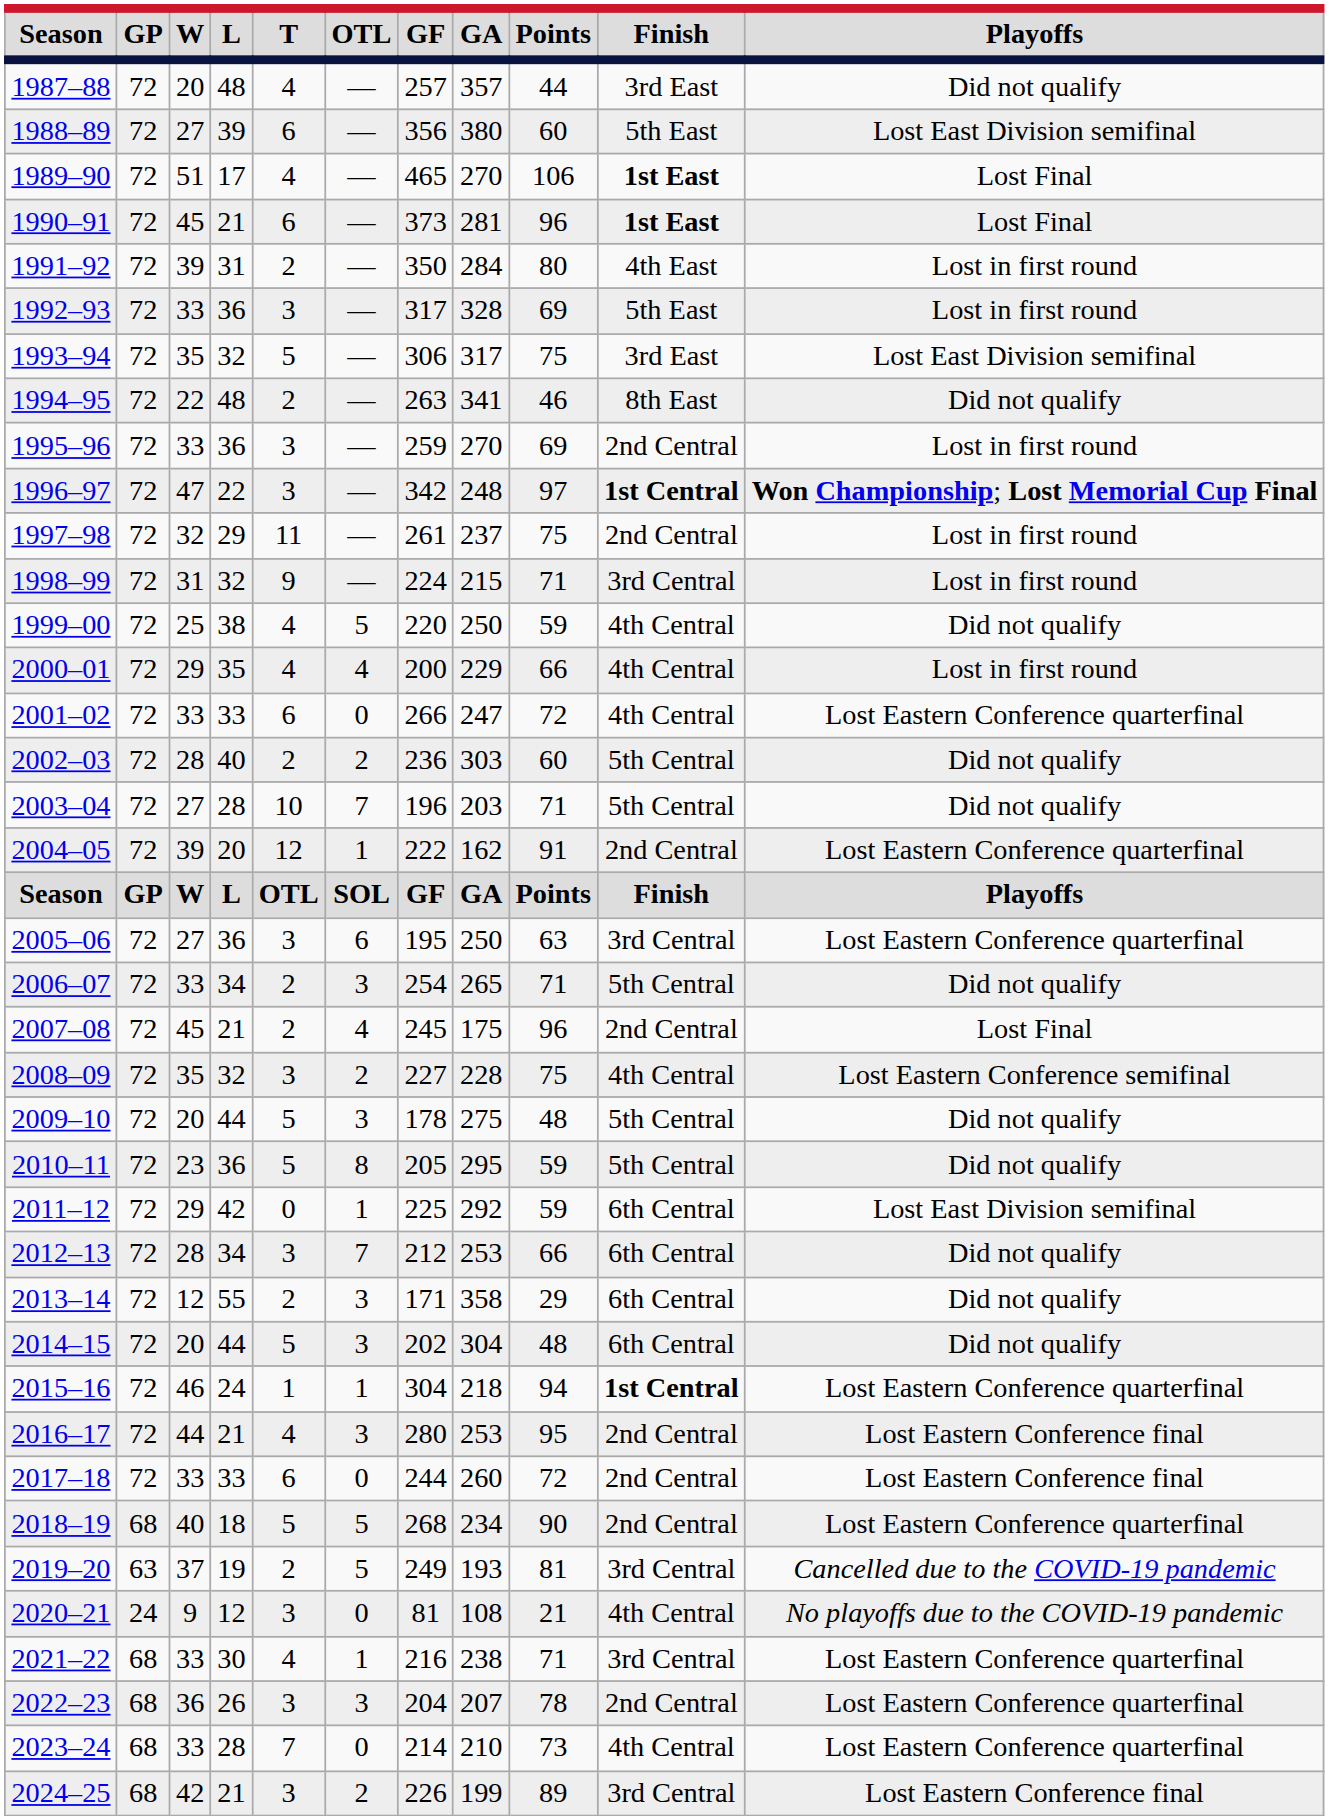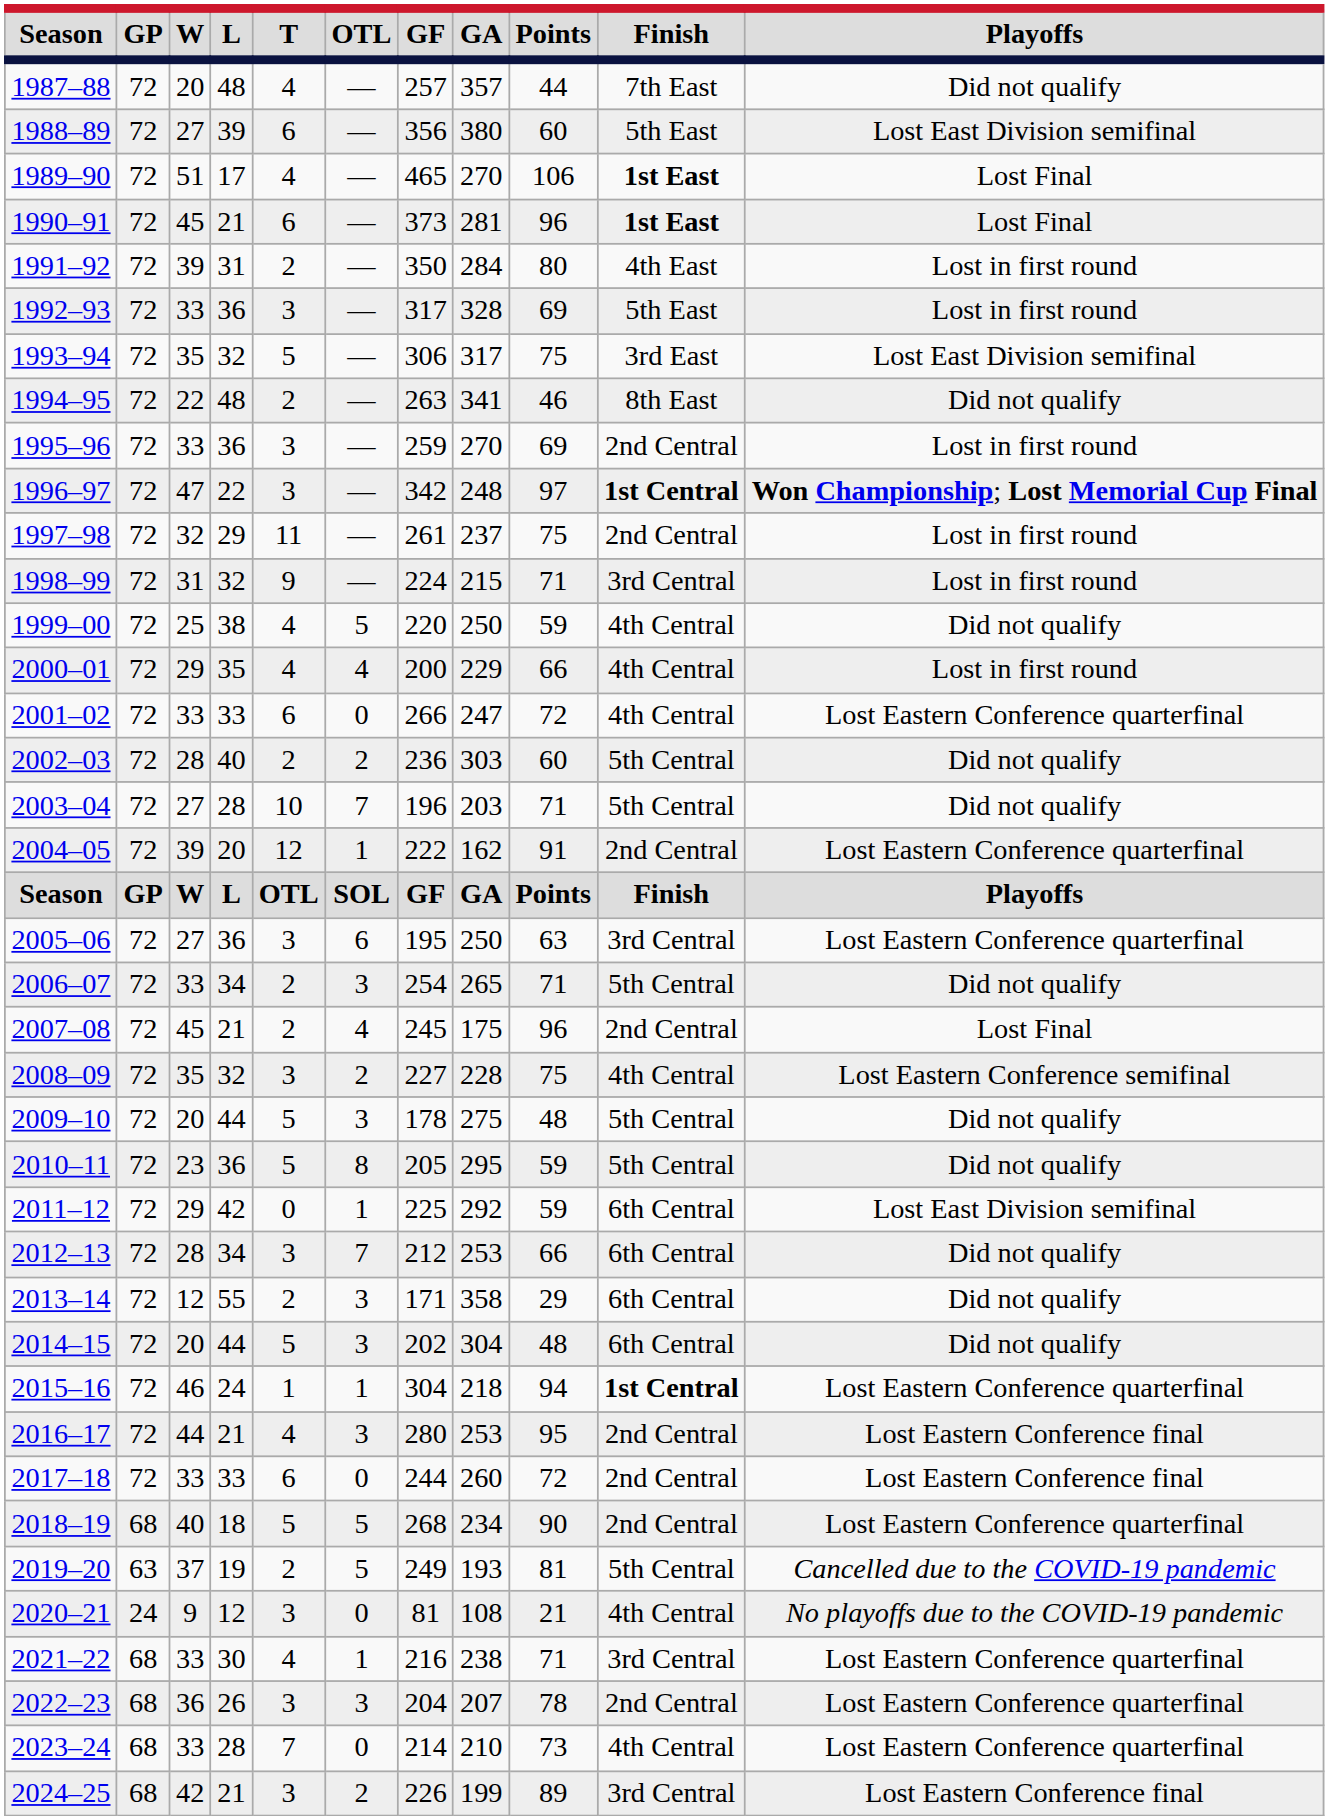 <table class="wikitable">
 <tr style="text-align:center; background:#dddddd; border-top:#CD172C 5px solid; border-bottom:#0A1240 5px solid;">
 <td><strong>Season</strong></td>
 <td><strong>GP</strong></td>
 <td><strong>W</strong></td>
 <td><strong>L</strong></td>
 <td><strong>T</strong></td>
 <td><strong>OTL</strong></td>
 <td><strong>GF</strong></td>
 <td><strong>GA </strong></td>
 <td><strong>Points</strong></td>
 <td><strong>Finish</strong></td>
 <td><strong>Playoffs</strong></td>
 </tr>
 <tr align="center">
 <td><a href='#'>1987–88</a></td>
 <td>72</td>
 <td>20</td>
 <td>48</td>
 <td>4</td>
 <td>—</td>
 <td>257</td>
 <td>357</td>
 <td>44</td>
-<td>3rd East</td>
+<td>7th East</td>
 <td>Did not qualify</td>
 </tr>
 <tr align="center" bgcolor="#eeeeee">
 <td><a href='#'>1988–89</a></td>
 <td>72</td>
 <td>27</td>
 <td>39</td>
 <td>6</td>
 <td>—</td>
 <td>356</td>
 <td>380</td>
 <td>60</td>
 <td>5th East</td>
 <td>Lost East Division semifinal</td>
 </tr>
 <tr align="center">
 <td><a href='#'>1989–90</a></td>
 <td>72</td>
 <td>51</td>
 <td>17</td>
 <td>4</td>
 <td>—</td>
 <td>465</td>
 <td>270</td>
 <td>106</td>
 <td><strong>1st East</strong></td>
 <td>Lost Final</td>
 </tr>
 <tr align="center" bgcolor="#eeeeee">
 <td><a href='#'>1990–91</a></td>
 <td>72</td>
 <td>45</td>
 <td>21</td>
 <td>6</td>
 <td>—</td>
 <td>373</td>
 <td>281</td>
 <td>96</td>
 <td><strong>1st East</strong></td>
 <td>Lost Final</td>
 </tr>
 <tr align="center">
 <td><a href='#'>1991–92</a></td>
 <td>72</td>
 <td>39</td>
 <td>31</td>
 <td>2</td>
 <td>—</td>
 <td>350</td>
 <td>284</td>
 <td>80</td>
 <td>4th East</td>
 <td>Lost in first round</td>
 </tr>
 <tr align="center" bgcolor="#eeeeee">
 <td><a href='#'>1992–93</a></td>
 <td>72</td>
 <td>33</td>
 <td>36</td>
 <td>3</td>
 <td>—</td>
 <td>317</td>
 <td>328</td>
 <td>69</td>
 <td>5th East</td>
 <td>Lost in first round</td>
 </tr>
 <tr align="center">
 <td><a href='#'>1993–94</a></td>
 <td>72</td>
 <td>35</td>
 <td>32</td>
 <td>5</td>
 <td>—</td>
 <td>306</td>
 <td>317</td>
 <td>75</td>
 <td>3rd East</td>
 <td>Lost East Division semifinal</td>
 </tr>
 <tr align="center" bgcolor="#eeeeee">
 <td><a href='#'>1994–95</a></td>
 <td>72</td>
 <td>22</td>
 <td>48</td>
 <td>2</td>
 <td>—</td>
 <td>263</td>
 <td>341</td>
 <td>46</td>
 <td>8th East</td>
 <td>Did not qualify</td>
 </tr>
 <tr align="center">
 <td><a href='#'>1995–96</a></td>
 <td>72</td>
 <td>33</td>
 <td>36</td>
 <td>3</td>
 <td>—</td>
 <td>259</td>
 <td>270</td>
 <td>69</td>
 <td>2nd Central</td>
 <td>Lost in first round</td>
 </tr>
 <tr align="center" bgcolor="#eeeeee">
 <td><a href='#'>1996–97</a></td>
 <td>72</td>
 <td>47</td>
 <td>22</td>
 <td>3</td>
 <td>—</td>
 <td>342</td>
 <td>248</td>
 <td>97</td>
 <td><strong>1st Central</strong></td>
 <td><strong>Won <a href='#'>Championship</a></strong>; <strong>Lost <a href='#'>Memorial Cup</a> Final</strong></td>
 </tr>
 <tr align="center">
 <td><a href='#'>1997–98</a></td>
 <td>72</td>
 <td>32</td>
 <td>29</td>
 <td>11</td>
 <td>—</td>
 <td>261</td>
 <td>237</td>
 <td>75</td>
 <td>2nd Central</td>
 <td>Lost in first round</td>
 </tr>
 <tr align="center" bgcolor="#eeeeee">
 <td><a href='#'>1998–99</a></td>
 <td>72</td>
 <td>31</td>
 <td>32</td>
 <td>9</td>
 <td>—</td>
 <td>224</td>
 <td>215</td>
 <td>71</td>
 <td>3rd Central</td>
 <td>Lost in first round</td>
 </tr>
 <tr align="center">
 <td><a href='#'>1999–00</a></td>
 <td>72</td>
 <td>25</td>
 <td>38</td>
 <td>4</td>
 <td>5</td>
 <td>220</td>
 <td>250</td>
 <td>59</td>
 <td>4th Central</td>
 <td>Did not qualify</td>
 </tr>
 <tr align="center" bgcolor="#eeeeee">
 <td><a href='#'>2000–01</a></td>
 <td>72</td>
 <td>29</td>
 <td>35</td>
 <td>4</td>
 <td>4</td>
 <td>200</td>
 <td>229</td>
 <td>66</td>
 <td>4th Central</td>
 <td>Lost in first round</td>
 </tr>
 <tr align="center">
 <td><a href='#'>2001–02</a></td>
 <td>72</td>
 <td>33</td>
 <td>33</td>
 <td>6</td>
 <td>0</td>
 <td>266</td>
 <td>247</td>
 <td>72</td>
 <td>4th Central</td>
 <td>Lost Eastern Conference quarterfinal</td>
 </tr>
 <tr align="center" bgcolor="#eeeeee">
 <td><a href='#'>2002–03</a></td>
 <td>72</td>
 <td>28</td>
 <td>40</td>
 <td>2</td>
 <td>2</td>
 <td>236</td>
 <td>303</td>
 <td>60</td>
 <td>5th Central</td>
 <td>Did not qualify</td>
 </tr>
 <tr align="center">
 <td><a href='#'>2003–04</a></td>
 <td>72</td>
 <td>27</td>
 <td>28</td>
 <td>10</td>
 <td>7</td>
 <td>196</td>
 <td>203</td>
 <td>71</td>
 <td>5th Central</td>
 <td>Did not qualify</td>
 </tr>
 <tr align="center" bgcolor="#eeeeee">
 <td><a href='#'>2004–05</a></td>
 <td>72</td>
 <td>39</td>
 <td>20</td>
 <td>12</td>
 <td>1</td>
 <td>222</td>
 <td>162</td>
 <td>91</td>
 <td>2nd Central</td>
 <td>Lost Eastern Conference quarterfinal</td>
 </tr>
 <tr align="center"  bgcolor="#dddddd">
 <td><strong>Season</strong></td>
 <td><strong>GP</strong></td>
 <td><strong>W</strong></td>
 <td><strong>L</strong></td>
 <td><strong>OTL</strong></td>
 <td><strong>SOL</strong></td>
 <td><strong>GF</strong></td>
 <td><strong>GA </strong></td>
 <td><strong>Points</strong></td>
 <td><strong>Finish</strong></td>
 <td><strong>Playoffs</strong></td>
 </tr>
 <tr align="center">
 <td><a href='#'>2005–06</a></td>
 <td>72</td>
 <td>27</td>
 <td>36</td>
 <td>3</td>
 <td>6</td>
 <td>195</td>
 <td>250</td>
 <td>63</td>
 <td>3rd Central</td>
 <td>Lost Eastern Conference quarterfinal</td>
 </tr>
 <tr align="center" bgcolor="#eeeeee">
 <td><a href='#'>2006–07</a></td>
 <td>72</td>
 <td>33</td>
 <td>34</td>
 <td>2</td>
 <td>3</td>
 <td>254</td>
 <td>265</td>
 <td>71</td>
 <td>5th Central</td>
 <td>Did not qualify</td>
 </tr>
 <tr align="center">
 <td><a href='#'>2007–08</a></td>
 <td>72</td>
 <td>45</td>
 <td>21</td>
 <td>2</td>
 <td>4</td>
 <td>245</td>
 <td>175</td>
 <td>96</td>
 <td>2nd Central</td>
 <td>Lost Final</td>
 </tr>
 <tr align="center" bgcolor="#eeeeee">
 <td><a href='#'>2008–09</a></td>
 <td>72</td>
 <td>35</td>
 <td>32</td>
 <td>3</td>
 <td>2</td>
 <td>227</td>
 <td>228</td>
 <td>75</td>
 <td>4th Central</td>
 <td>Lost Eastern Conference semifinal</td>
 </tr>
 <tr align="center">
 <td><a href='#'>2009–10</a></td>
 <td>72</td>
 <td>20</td>
 <td>44</td>
 <td>5</td>
 <td>3</td>
 <td>178</td>
 <td>275</td>
 <td>48</td>
 <td>5th Central</td>
 <td>Did not qualify</td>
 </tr>
 <tr align="center" bgcolor="#eeeeee">
 <td><a href='#'>2010–11</a></td>
 <td>72</td>
 <td>23</td>
 <td>36</td>
 <td>5</td>
 <td>8</td>
 <td>205</td>
 <td>295</td>
 <td>59</td>
 <td>5th Central</td>
 <td>Did not qualify</td>
 </tr>
 <tr align="center">
 <td><a href='#'>2011–12</a></td>
 <td>72</td>
 <td>29</td>
 <td>42</td>
 <td>0</td>
 <td>1</td>
 <td>225</td>
 <td>292</td>
 <td>59</td>
 <td>6th Central</td>
 <td>Lost East Division semifinal</td>
 </tr>
 <tr align="center" bgcolor="#eeeeee">
 <td><a href='#'>2012–13</a></td>
 <td>72</td>
 <td>28</td>
 <td>34</td>
 <td>3</td>
 <td>7</td>
 <td>212</td>
 <td>253</td>
 <td>66</td>
 <td>6th Central</td>
 <td>Did not qualify</td>
 </tr>
 <tr align="center">
 <td><a href='#'>2013–14</a></td>
 <td>72</td>
 <td>12</td>
 <td>55</td>
 <td>2</td>
 <td>3</td>
 <td>171</td>
 <td>358</td>
 <td>29</td>
 <td>6th Central</td>
 <td>Did not qualify</td>
 </tr>
 <tr align="center" bgcolor="#eeeeee">
 <td><a href='#'>2014–15</a></td>
 <td>72</td>
 <td>20</td>
 <td>44</td>
 <td>5</td>
 <td>3</td>
 <td>202</td>
 <td>304</td>
 <td>48</td>
 <td>6th Central</td>
 <td>Did not qualify</td>
 </tr>
 <tr align="center">
 <td><a href='#'>2015–16</a></td>
 <td>72</td>
 <td>46</td>
 <td>24</td>
 <td>1</td>
 <td>1</td>
 <td>304</td>
 <td>218</td>
 <td>94</td>
 <td><strong>1st Central</strong></td>
 <td>Lost Eastern Conference quarterfinal</td>
 </tr>
 <tr align="center" bgcolor="#eeeeee">
 <td><a href='#'>2016–17</a></td>
 <td>72</td>
 <td>44</td>
 <td>21</td>
 <td>4</td>
 <td>3</td>
 <td>280</td>
 <td>253</td>
 <td>95</td>
 <td>2nd Central</td>
 <td>Lost Eastern Conference final</td>
 </tr>
 <tr align="center">
 <td><a href='#'>2017–18</a></td>
 <td>72</td>
 <td>33</td>
 <td>33</td>
 <td>6</td>
 <td>0</td>
 <td>244</td>
 <td>260</td>
 <td>72</td>
 <td>2nd Central</td>
 <td>Lost Eastern Conference final</td>
 </tr>
 <tr align="center" bgcolor="#eeeeee">
 <td><a href='#'>2018–19</a></td>
 <td>68</td>
 <td>40</td>
 <td>18</td>
 <td>5</td>
 <td>5</td>
 <td>268</td>
 <td>234</td>
 <td>90</td>
 <td>2nd Central</td>
 <td>Lost Eastern Conference quarterfinal</td>
 </tr>
 <tr align="center">
 <td><a href='#'>2019–20</a></td>
 <td>63</td>
 <td>37</td>
 <td>19</td>
 <td>2</td>
 <td>5</td>
 <td>249</td>
 <td>193</td>
 <td>81</td>
-<td>3rd Central</td>
+<td>5th Central</td>
 <td><em>Cancelled due to the <a href='#'>COVID-19 pandemic</a></em></td>
 </tr>
 <tr align="center" bgcolor="#eeeeee">
 <td><a href='#'>2020–21</a></td>
 <td>24</td>
 <td>9</td>
 <td>12</td>
 <td>3</td>
 <td>0</td>
 <td>81</td>
 <td>108</td>
 <td>21</td>
 <td>4th Central</td>
 <td><em>No playoffs due to the COVID-19 pandemic</em></td>
 </tr>
 <tr align="center">
 <td><a href='#'>2021–22</a></td>
 <td>68</td>
 <td>33</td>
 <td>30</td>
 <td>4</td>
 <td>1</td>
 <td>216</td>
 <td>238</td>
 <td>71</td>
 <td>3rd Central</td>
 <td>Lost Eastern Conference quarterfinal</td>
 </tr>
 <tr align="center" bgcolor="#eeeeee">
 <td><a href='#'>2022–23</a></td>
 <td>68</td>
 <td>36</td>
 <td>26</td>
 <td>3</td>
 <td>3</td>
 <td>204</td>
 <td>207</td>
 <td>78</td>
 <td>2nd Central</td>
 <td>Lost Eastern Conference quarterfinal</td>
 </tr>
 <tr align="center">
 <td><a href='#'>2023–24</a></td>
 <td>68</td>
 <td>33</td>
 <td>28</td>
 <td>7</td>
 <td>0</td>
 <td>214</td>
 <td>210</td>
 <td>73</td>
 <td>4th Central</td>
 <td>Lost Eastern Conference quarterfinal</td>
 </tr>
 <tr align="center" bgcolor="#eeeeee">
 <td><a href='#'>2024–25</a></td>
 <td>68</td>
 <td>42</td>
 <td>21</td>
 <td>3</td>
 <td>2</td>
 <td>226</td>
 <td>199</td>
 <td>89</td>
 <td>3rd Central</td>
 <td>Lost Eastern Conference final</td>
 </tr>
 </table>
